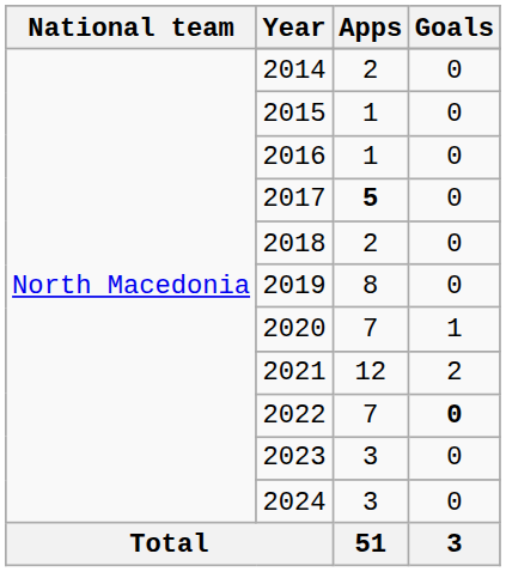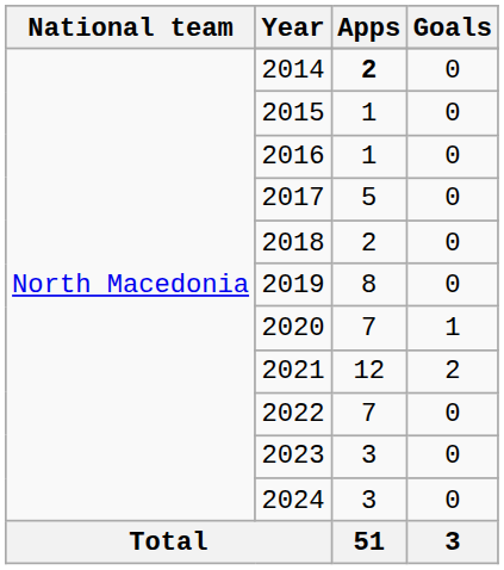 <table class=wikitable style=text-align:center>
 <tr>
 <th>National team</th>
 <th>Year</th>
 <th>Apps</th>
 <th>Goals</th>
 </tr>
 <tr>
 <td rowspan=12><a href='#'>North Macedonia</a></td>
 </tr>
 <tr>
 <td>2014</td>
-<td>2</td>
+<td><strong>2</strong></td>
 <td>0</td>
 </tr>
 <tr>
 <td>2015</td>
 <td>1</td>
 <td>0</td>
 </tr>
 <tr>
 <td>2016</td>
 <td>1</td>
 <td>0</td>
 </tr>
 <tr>
 <td>2017</td>
-<td><strong>5</strong></td>
+<td>5</td>
 <td>0</td>
 </tr>
 <tr>
 <td>2018</td>
 <td>2</td>
 <td>0</td>
 </tr>
 <tr>
 <td>2019</td>
 <td>8</td>
 <td>0</td>
 </tr>
 <tr>
 <td>2020</td>
 <td>7</td>
 <td>1</td>
 </tr>
 <tr>
 <td>2021</td>
 <td>12</td>
 <td>2</td>
 </tr>
 <tr>
 <td>2022</td>
 <td>7</td>
-<td><strong>0</strong></td>
+<td>0</td>
 </tr>
 <tr>
 <td>2023</td>
 <td>3</td>
 <td>0</td>
 </tr>
 <tr>
 <td>2024</td>
 <td>3</td>
 <td>0</td>
 </tr>
 <tr>
 <th colspan=2>Total</th>
 <th>51</th>
 <th>3</th>
 </tr>
 </table>
